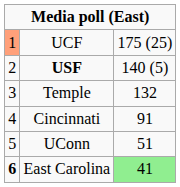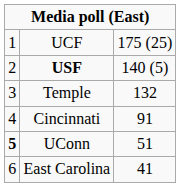 <table class="wikitable">
 <tr align="center">
 <td align="center" Colspan="3"><strong>Media poll (East)</strong></td>
 </tr>
 <tr align="center">
 </tr>
 <tr align="center">
-<td style="background: lightsalmon;">1</td>
+<td>1</td>
 <td>UCF</td>
 <td>175 (25)</td>
 </tr>
 <tr align="center">
 <td>2</td>
 <td><strong>USF</strong></td>
 <td>140 (5)</td>
 </tr>
 <tr align="center">
 <td>3</td>
 <td>Temple</td>
 <td>132</td>
 </tr>
 <tr align="center">
 <td>4</td>
 <td>Cincinnati</td>
 <td>91</td>
 </tr>
 <tr align="center">
-<td>5</td>
+<td><strong>5</strong></td>
 <td>UConn</td>
 <td>51</td>
 </tr>
 <tr align="center">
-<td><strong>6</strong></td>
+<td>6</td>
 <td>East Carolina</td>
-<td style="background: lightgreen;">41</td>
+<td>41</td>
 </tr>
 </table>
